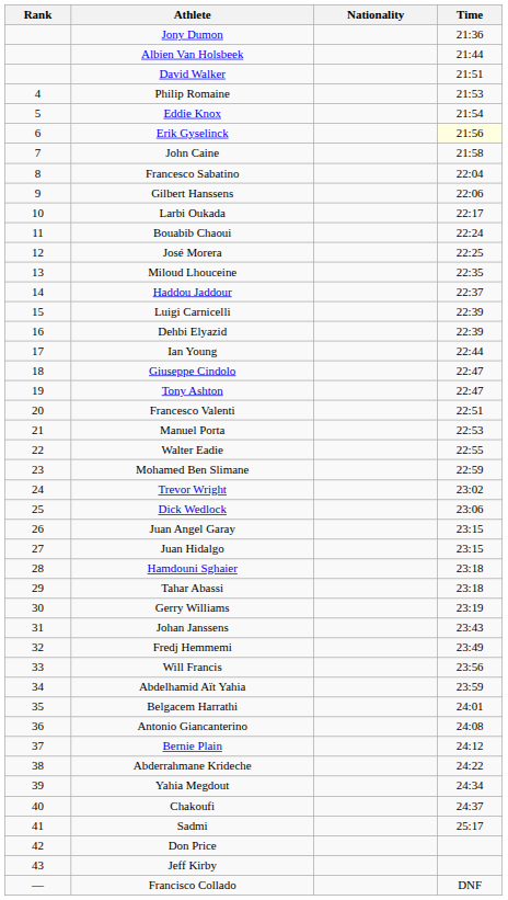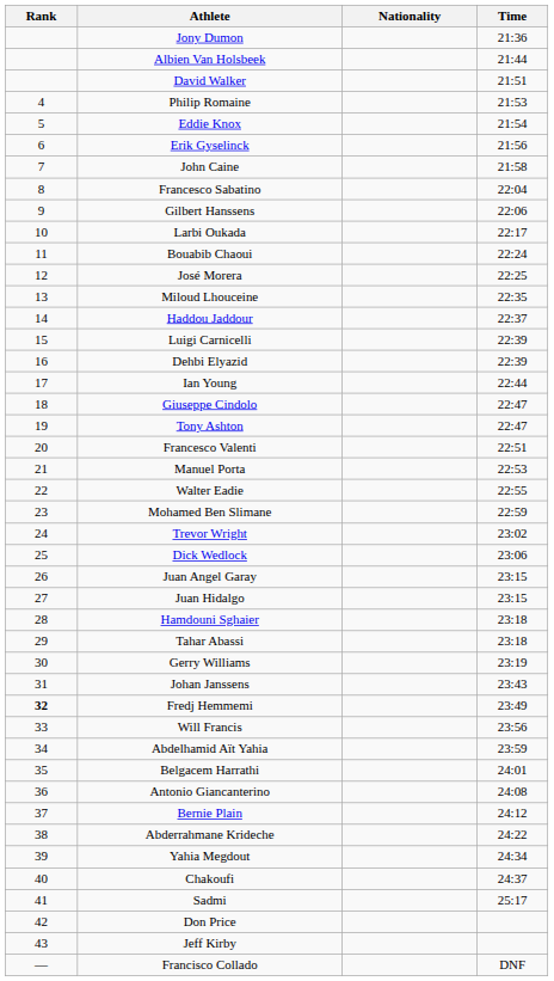 <table class="wikitable sortable" style=" text-align:center; font-size:95%;" width="50%">
 <tr>
 <th>Rank</th>
 <th>Athlete</th>
 <th>Nationality</th>
 <th>Time</th>
 </tr>
 <tr>
 <td align=center></td>
 <td><a href='#'>Jony Dumon</a></td>
 <td></td>
 <td>21:36</td>
 </tr>
 <tr>
 <td align=center></td>
 <td><a href='#'>Albien Van Holsbeek</a></td>
 <td></td>
 <td>21:44</td>
 </tr>
 <tr>
 <td align=center></td>
 <td><a href='#'>David Walker</a></td>
 <td></td>
 <td>21:51</td>
 </tr>
 <tr>
 <td align=center>4</td>
 <td>Philip Romaine</td>
 <td></td>
 <td>21:53</td>
 </tr>
 <tr>
 <td align=center>5</td>
 <td><a href='#'>Eddie Knox</a></td>
 <td></td>
 <td>21:54</td>
 </tr>
 <tr>
 <td align=center>6</td>
 <td><a href='#'>Erik Gyselinck</a></td>
 <td></td>
-<td style="background: lightyellow;">21:56</td>
+<td>21:56</td>
 </tr>
 <tr>
 <td align=center>7</td>
 <td>John Caine</td>
 <td></td>
 <td>21:58</td>
 </tr>
 <tr>
 <td align=center>8</td>
 <td>Francesco Sabatino</td>
 <td></td>
 <td>22:04</td>
 </tr>
 <tr>
 <td align=center>9</td>
 <td>Gilbert Hanssens</td>
 <td></td>
 <td>22:06</td>
 </tr>
 <tr>
 <td align=center>10</td>
 <td>Larbi Oukada</td>
 <td></td>
 <td>22:17</td>
 </tr>
 <tr>
 <td align=center>11</td>
 <td>Bouabib Chaoui</td>
 <td></td>
 <td>22:24</td>
 </tr>
 <tr>
 <td align=center>12</td>
 <td>José Morera</td>
 <td></td>
 <td>22:25</td>
 </tr>
 <tr>
 <td align=center>13</td>
 <td>Miloud Lhouceine</td>
 <td></td>
 <td>22:35</td>
 </tr>
 <tr>
 <td align=center>14</td>
 <td><a href='#'>Haddou Jaddour</a></td>
 <td></td>
 <td>22:37</td>
 </tr>
 <tr>
 <td align=center>15</td>
 <td>Luigi Carnicelli</td>
 <td></td>
 <td>22:39</td>
 </tr>
 <tr>
 <td align=center>16</td>
 <td>Dehbi Elyazid</td>
 <td></td>
 <td>22:39</td>
 </tr>
 <tr>
 <td align=center>17</td>
 <td>Ian Young</td>
 <td></td>
 <td>22:44</td>
 </tr>
 <tr>
 <td align=center>18</td>
 <td><a href='#'>Giuseppe Cindolo</a></td>
 <td></td>
 <td>22:47</td>
 </tr>
 <tr>
 <td align=center>19</td>
 <td><a href='#'>Tony Ashton</a></td>
 <td></td>
 <td>22:47</td>
 </tr>
 <tr>
 <td align=center>20</td>
 <td>Francesco Valenti</td>
 <td></td>
 <td>22:51</td>
 </tr>
 <tr>
 <td align=center>21</td>
 <td>Manuel Porta</td>
 <td></td>
 <td>22:53</td>
 </tr>
 <tr>
 <td align=center>22</td>
 <td>Walter Eadie</td>
 <td></td>
 <td>22:55</td>
 </tr>
 <tr>
 <td align=center>23</td>
 <td>Mohamed Ben Slimane</td>
 <td></td>
 <td>22:59</td>
 </tr>
 <tr>
 <td align=center>24</td>
 <td><a href='#'>Trevor Wright</a></td>
 <td></td>
 <td>23:02</td>
 </tr>
 <tr>
 <td align=center>25</td>
 <td><a href='#'>Dick Wedlock</a></td>
 <td></td>
 <td>23:06</td>
 </tr>
 <tr>
 <td align=center>26</td>
 <td>Juan Angel Garay</td>
 <td></td>
 <td>23:15</td>
 </tr>
 <tr>
 <td align=center>27</td>
 <td>Juan Hidalgo</td>
 <td></td>
 <td>23:15</td>
 </tr>
 <tr>
 <td align=center>28</td>
 <td><a href='#'>Hamdouni Sghaier</a></td>
 <td></td>
 <td>23:18</td>
 </tr>
 <tr>
 <td align=center>29</td>
 <td>Tahar Abassi</td>
 <td></td>
 <td>23:18</td>
 </tr>
 <tr>
 <td align=center>30</td>
 <td>Gerry Williams</td>
 <td></td>
 <td>23:19</td>
 </tr>
 <tr>
 <td align=center>31</td>
 <td>Johan Janssens</td>
 <td></td>
 <td>23:43</td>
 </tr>
 <tr>
-<td align=center>32</td>
+<td align=center><strong>32</strong></td>
 <td>Fredj Hemmemi</td>
 <td></td>
 <td>23:49</td>
 </tr>
 <tr>
 <td align=center>33</td>
 <td>Will Francis</td>
 <td></td>
 <td>23:56</td>
 </tr>
 <tr>
 <td align=center>34</td>
 <td>Abdelhamid Aït Yahia</td>
 <td></td>
 <td>23:59</td>
 </tr>
 <tr>
 <td align=center>35</td>
 <td>Belgacem Harrathi</td>
 <td></td>
 <td>24:01</td>
 </tr>
 <tr>
 <td align=center>36</td>
 <td>Antonio Giancanterino</td>
 <td></td>
 <td>24:08</td>
 </tr>
 <tr>
 <td align=center>37</td>
 <td><a href='#'>Bernie Plain</a></td>
 <td></td>
 <td>24:12</td>
 </tr>
 <tr>
 <td align=center>38</td>
 <td>Abderrahmane Krideche</td>
 <td></td>
 <td>24:22</td>
 </tr>
 <tr>
 <td align=center>39</td>
 <td>Yahia Megdout</td>
 <td></td>
 <td>24:34</td>
 </tr>
 <tr>
 <td align=center>40</td>
 <td>Chakoufi</td>
 <td></td>
 <td>24:37</td>
 </tr>
 <tr>
 <td align=center>41</td>
 <td>Sadmi</td>
 <td></td>
 <td>25:17</td>
 </tr>
 <tr>
 <td align=center>42</td>
 <td>Don Price</td>
 <td></td>
 <td></td>
 </tr>
 <tr>
 <td align=center>43</td>
 <td>Jeff Kirby</td>
 <td></td>
 <td></td>
 </tr>
 <tr>
 <td align=center>—</td>
 <td>Francisco Collado</td>
 <td></td>
 <td>DNF</td>
 </tr>
 </table>
